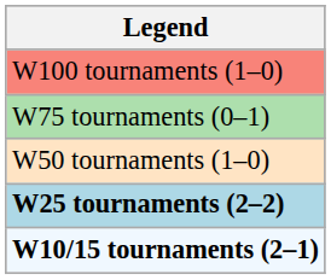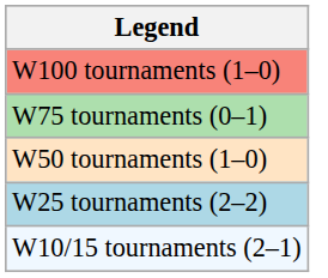 <table class="wikitable" style="font-size:85%">
 <tr>
 <th>Legend</th>
 </tr>
 <tr style="background:#f88379;">
 <td>W100 tournaments (1–0)</td>
 </tr>
 <tr style="background:#addfad;">
 <td>W75 tournaments (0–1)</td>
 </tr>
 <tr style="background:#ffe4c4;">
 <td>W50 tournaments (1–0)</td>
 </tr>
 <tr style="background:lightblue;">
-<td><strong>W25 tournaments (2–2)</strong></td>
+<td>W25 tournaments (2–2)</td>
 </tr>
 <tr style="background:#f0f8ff;">
-<td><strong>W10/15 tournaments (2–1)</strong></td>
+<td>W10/15 tournaments (2–1)</td>
 </tr>
 </table>
